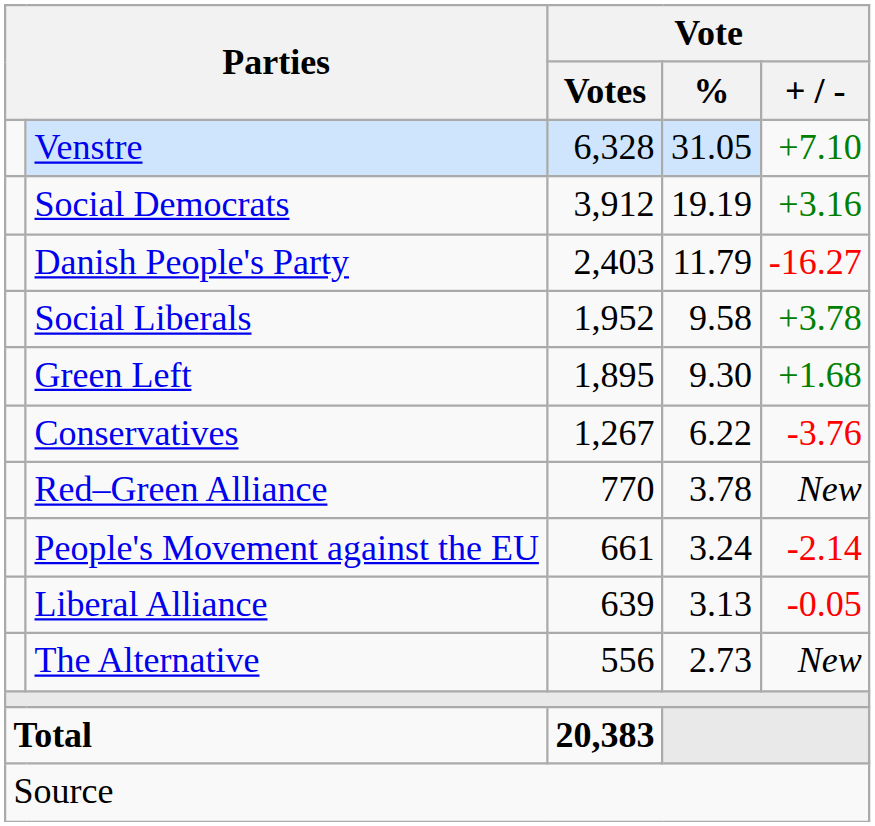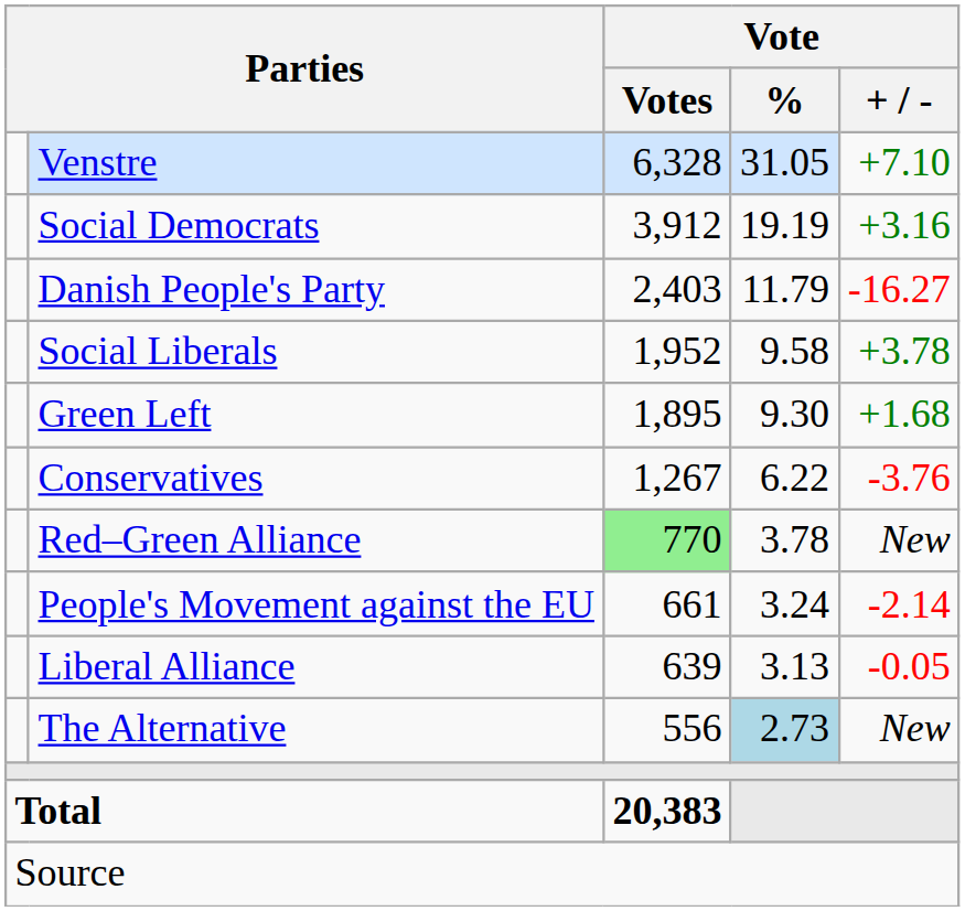 <table class="wikitable" style="text-align:right;">
 <tr>
 <th style="text-align:centre;" rowspan="2" colspan="2" width="225">Parties</th>
 <th colspan="3">Vote</th>
 </tr>
 <tr>
 <th width="15">Votes</th>
 <th width="15">%</th>
 <th width="15">+ / -</th>
 </tr>
 <tr>
 <td width="2" style="color:inherit;background:"></td>
 <td bgcolor=#cfe5fe   align="left"><a href='#'>Venstre</a></td>
 <td bgcolor=#cfe5fe>6,328</td>
 <td bgcolor=#cfe5fe>31.05</td>
 <td style=color:green;>+7.10</td>
 </tr>
 <tr>
 <td width="2" style="color:inherit;background:"></td>
 <td align="left"><a href='#'>Social Democrats</a></td>
 <td>3,912</td>
 <td>19.19</td>
 <td style=color:green;>+3.16</td>
 </tr>
 <tr>
 <td width="2" style="color:inherit;background:"></td>
 <td align="left"><a href='#'>Danish People's Party</a></td>
 <td>2,403</td>
 <td>11.79</td>
 <td style=color:red;>-16.27</td>
 </tr>
 <tr>
 <td width="2" style="color:inherit;background:"></td>
 <td align="left"><a href='#'>Social Liberals</a></td>
 <td>1,952</td>
 <td>9.58</td>
 <td style=color:green;>+3.78</td>
 </tr>
 <tr>
 <td width="2" style="color:inherit;background:"></td>
 <td align="left"><a href='#'>Green Left</a></td>
 <td>1,895</td>
 <td>9.30</td>
 <td style=color:green;>+1.68</td>
 </tr>
 <tr>
 <td width="2" style="color:inherit;background:"></td>
 <td align="left"><a href='#'>Conservatives</a></td>
 <td>1,267</td>
 <td>6.22</td>
 <td style=color:red;>-3.76</td>
 </tr>
 <tr>
 <td width="2" style="color:inherit;background:"></td>
 <td align="left"><a href='#'>Red–Green Alliance</a></td>
-<td>770</td>
+<td style="background: lightgreen;">770</td>
 <td>3.78</td>
 <td><em>New</em></td>
 </tr>
 <tr>
 <td width="2" style="color:inherit;background:"></td>
 <td align="left"><a href='#'>People's Movement against the EU</a></td>
 <td>661</td>
 <td>3.24</td>
 <td style=color:red;>-2.14</td>
 </tr>
 <tr>
 <td width="2" style="color:inherit;background:"></td>
 <td align="left"><a href='#'>Liberal Alliance</a></td>
 <td>639</td>
 <td>3.13</td>
 <td style=color:red;>-0.05</td>
 </tr>
 <tr>
 <td width="2" style="color:inherit;background:"></td>
 <td align="left"><a href='#'>The Alternative</a></td>
 <td>556</td>
-<td>2.73</td>
+<td style="background: lightblue;">2.73</td>
 <td><em>New</em></td>
 </tr>
 <tr>
 <td colspan="7" bgcolor="#E9E9E9"></td>
 </tr>
 <tr>
 <td align="left" colspan="2"><strong>Total</strong></td>
 <td><strong>20,383</strong></td>
 <td bgcolor="#E9E9E9" colspan="2"></td>
 </tr>
 <tr>
 <td align="left" colspan="6">Source</td>
 </tr>
 </table>
